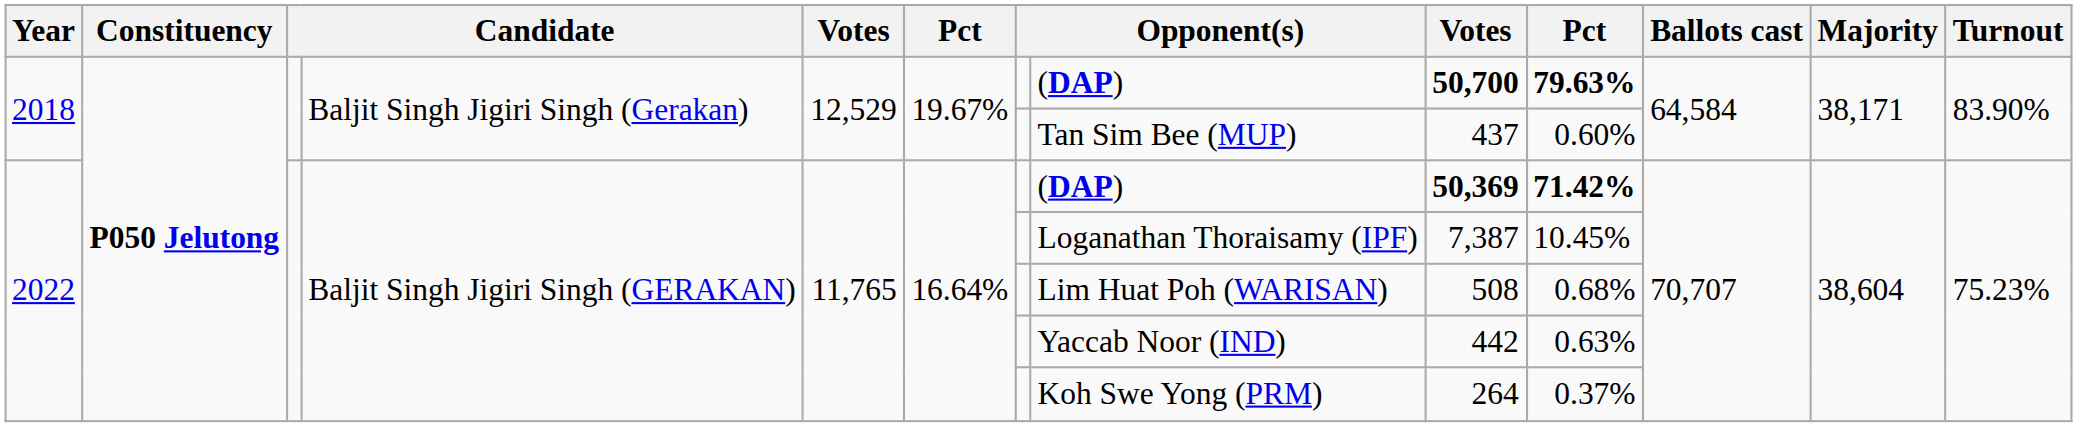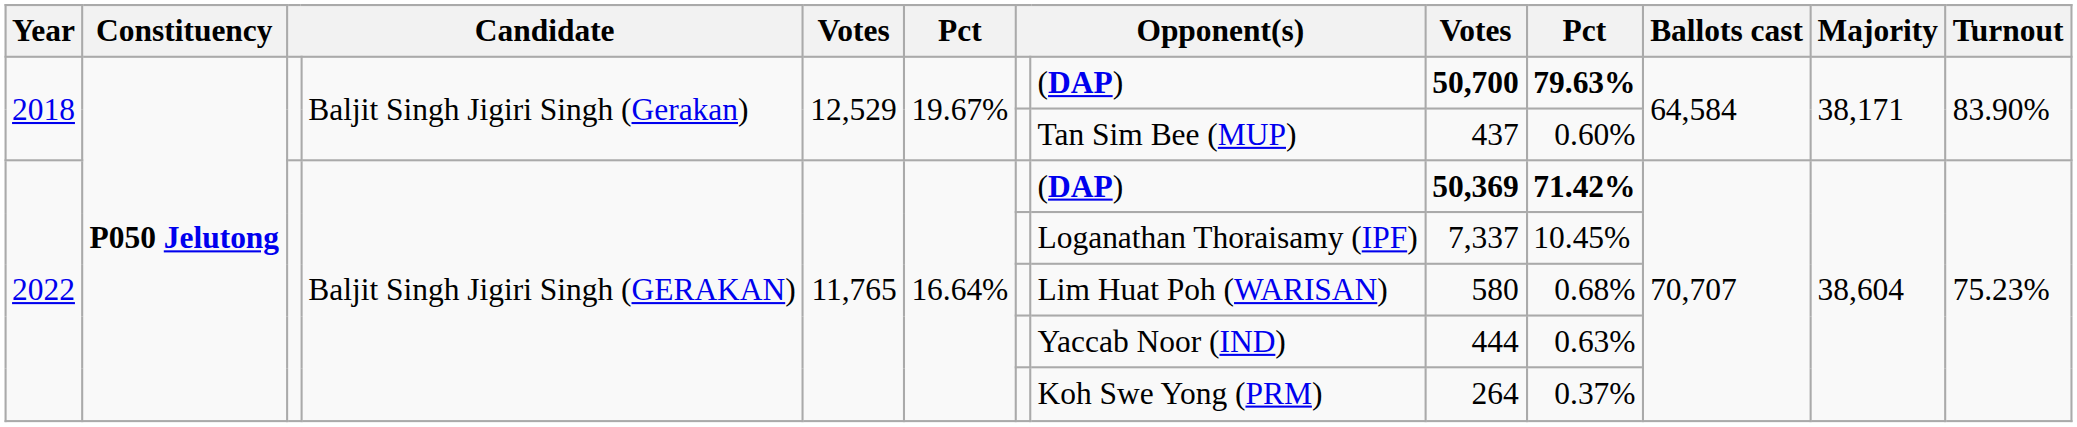 <table class="wikitable" style="margin:0.5em ; font-size:95%">
 <tr>
 <th>Year</th>
 <th>Constituency</th>
 <th colspan=2>Candidate</th>
 <th>Votes</th>
 <th>Pct</th>
 <th colspan=2>Opponent(s)</th>
 <th>Votes</th>
 <th>Pct</th>
 <th>Ballots cast</th>
 <th>Majority</th>
 <th>Turnout</th>
 </tr>
 <tr>
 <td rowspan=2><a href='#'>2018</a></td>
 <td rowspan=7><strong>P050 <a href='#'>Jelutong</a></strong></td>
 <td rowspan=2 ></td>
 <td rowspan=2>Baljit Singh Jigiri Singh (<a href='#'>Gerakan</a>)</td>
 <td rowspan=2 align=right>12,529</td>
 <td rowspan=2>19.67%</td>
 <td></td>
 <td> (<a href='#'><strong>DAP</strong></a>)</td>
 <td align=right><strong>50,700</strong></td>
 <td><strong>79.63%</strong></td>
 <td rowspan=2>64,584</td>
 <td rowspan=2>38,171</td>
 <td rowspan=2>83.90%</td>
 </tr>
 <tr>
 <td bgcolor=></td>
 <td>Tan Sim Bee (<a href='#'>MUP</a>)</td>
 <td align=right>437</td>
 <td align=right>0.60%</td>
 </tr>
 <tr>
 <td rowspan=5><a href='#'>2022</a></td>
 <td rowspan=5 bgcolor=></td>
 <td rowspan=5>Baljit Singh Jigiri Singh (<a href='#'>GERAKAN</a>)</td>
 <td rowspan=5 align=right>11,765</td>
 <td rowspan=5>16.64%</td>
 <td></td>
 <td> (<a href='#'><strong>DAP</strong></a>)</td>
 <td align=right><strong>50,369</strong></td>
 <td><strong>71.42%</strong></td>
 <td rowspan=5>70,707</td>
 <td rowspan=5>38,604</td>
 <td rowspan=5>75.23%</td>
 </tr>
 <tr>
 <td></td>
 <td>Loganathan Thoraisamy (<a href='#'>IPF</a>)</td>
-<td align=right>7,387</td>
+<td align=right>7,337</td>
 <td>10.45%</td>
 </tr>
 <tr>
 <td></td>
 <td>Lim Huat Poh (<a href='#'>WARISAN</a>)</td>
-<td align=right>508</td>
+<td align=right>580</td>
 <td align=right>0.68%</td>
 </tr>
 <tr>
 <td></td>
 <td>Yaccab Noor (<a href='#'>IND</a>)</td>
-<td align=right>442</td>
+<td align=right>444</td>
 <td align=right>0.63%</td>
 </tr>
 <tr>
 <td bgcolor=></td>
 <td>Koh Swe Yong (<a href='#'>PRM</a>)</td>
 <td align=right>264</td>
 <td align=right>0.37%</td>
 </tr>
 </table>
